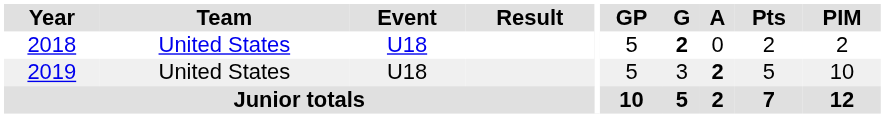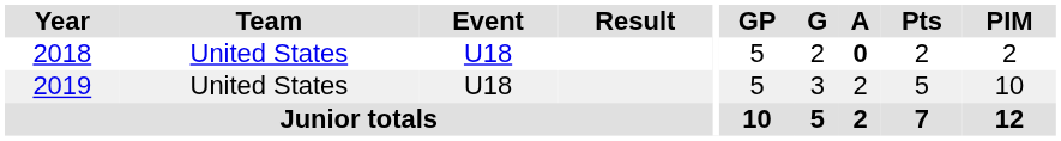 <table border="0" cellpadding="1" cellspacing="0" ID="Table3" style="text-align:center; width:40em">
 <tr ALIGN="center" bgcolor="#e0e0e0">
 <th>Year</th>
 <th>Team</th>
 <th>Event</th>
 <th>Result</th>
 <th rowspan="99" bgcolor="#ffffff"></th>
 <th>GP</th>
 <th>G</th>
 <th>A</th>
 <th>Pts</th>
 <th>PIM</th>
 </tr>
 <tr>
 <td><a href='#'>2018</a></td>
 <td><a href='#'>United States</a></td>
 <td><a href='#'>U18</a></td>
 <td></td>
 <td>5</td>
-<td><strong>2</strong></td>
-<td>0</td>
+<td>2</td>
+<td><strong>0</strong></td>
 <td>2</td>
 <td>2</td>
 </tr>
 <tr bgcolor="#f0f0f0">
 <td><a href='#'>2019</a></td>
 <td>United States</td>
 <td>U18</td>
 <td></td>
 <td>5</td>
 <td>3</td>
-<td><strong>2</strong></td>
+<td>2</td>
 <td>5</td>
 <td>10</td>
 </tr>
 <tr bgcolor="#e0e0e0">
 <th colspan="4">Junior totals</th>
 <th>10</th>
 <th>5</th>
 <th>2</th>
 <th>7</th>
 <th>12</th>
 </tr>
 </table>
